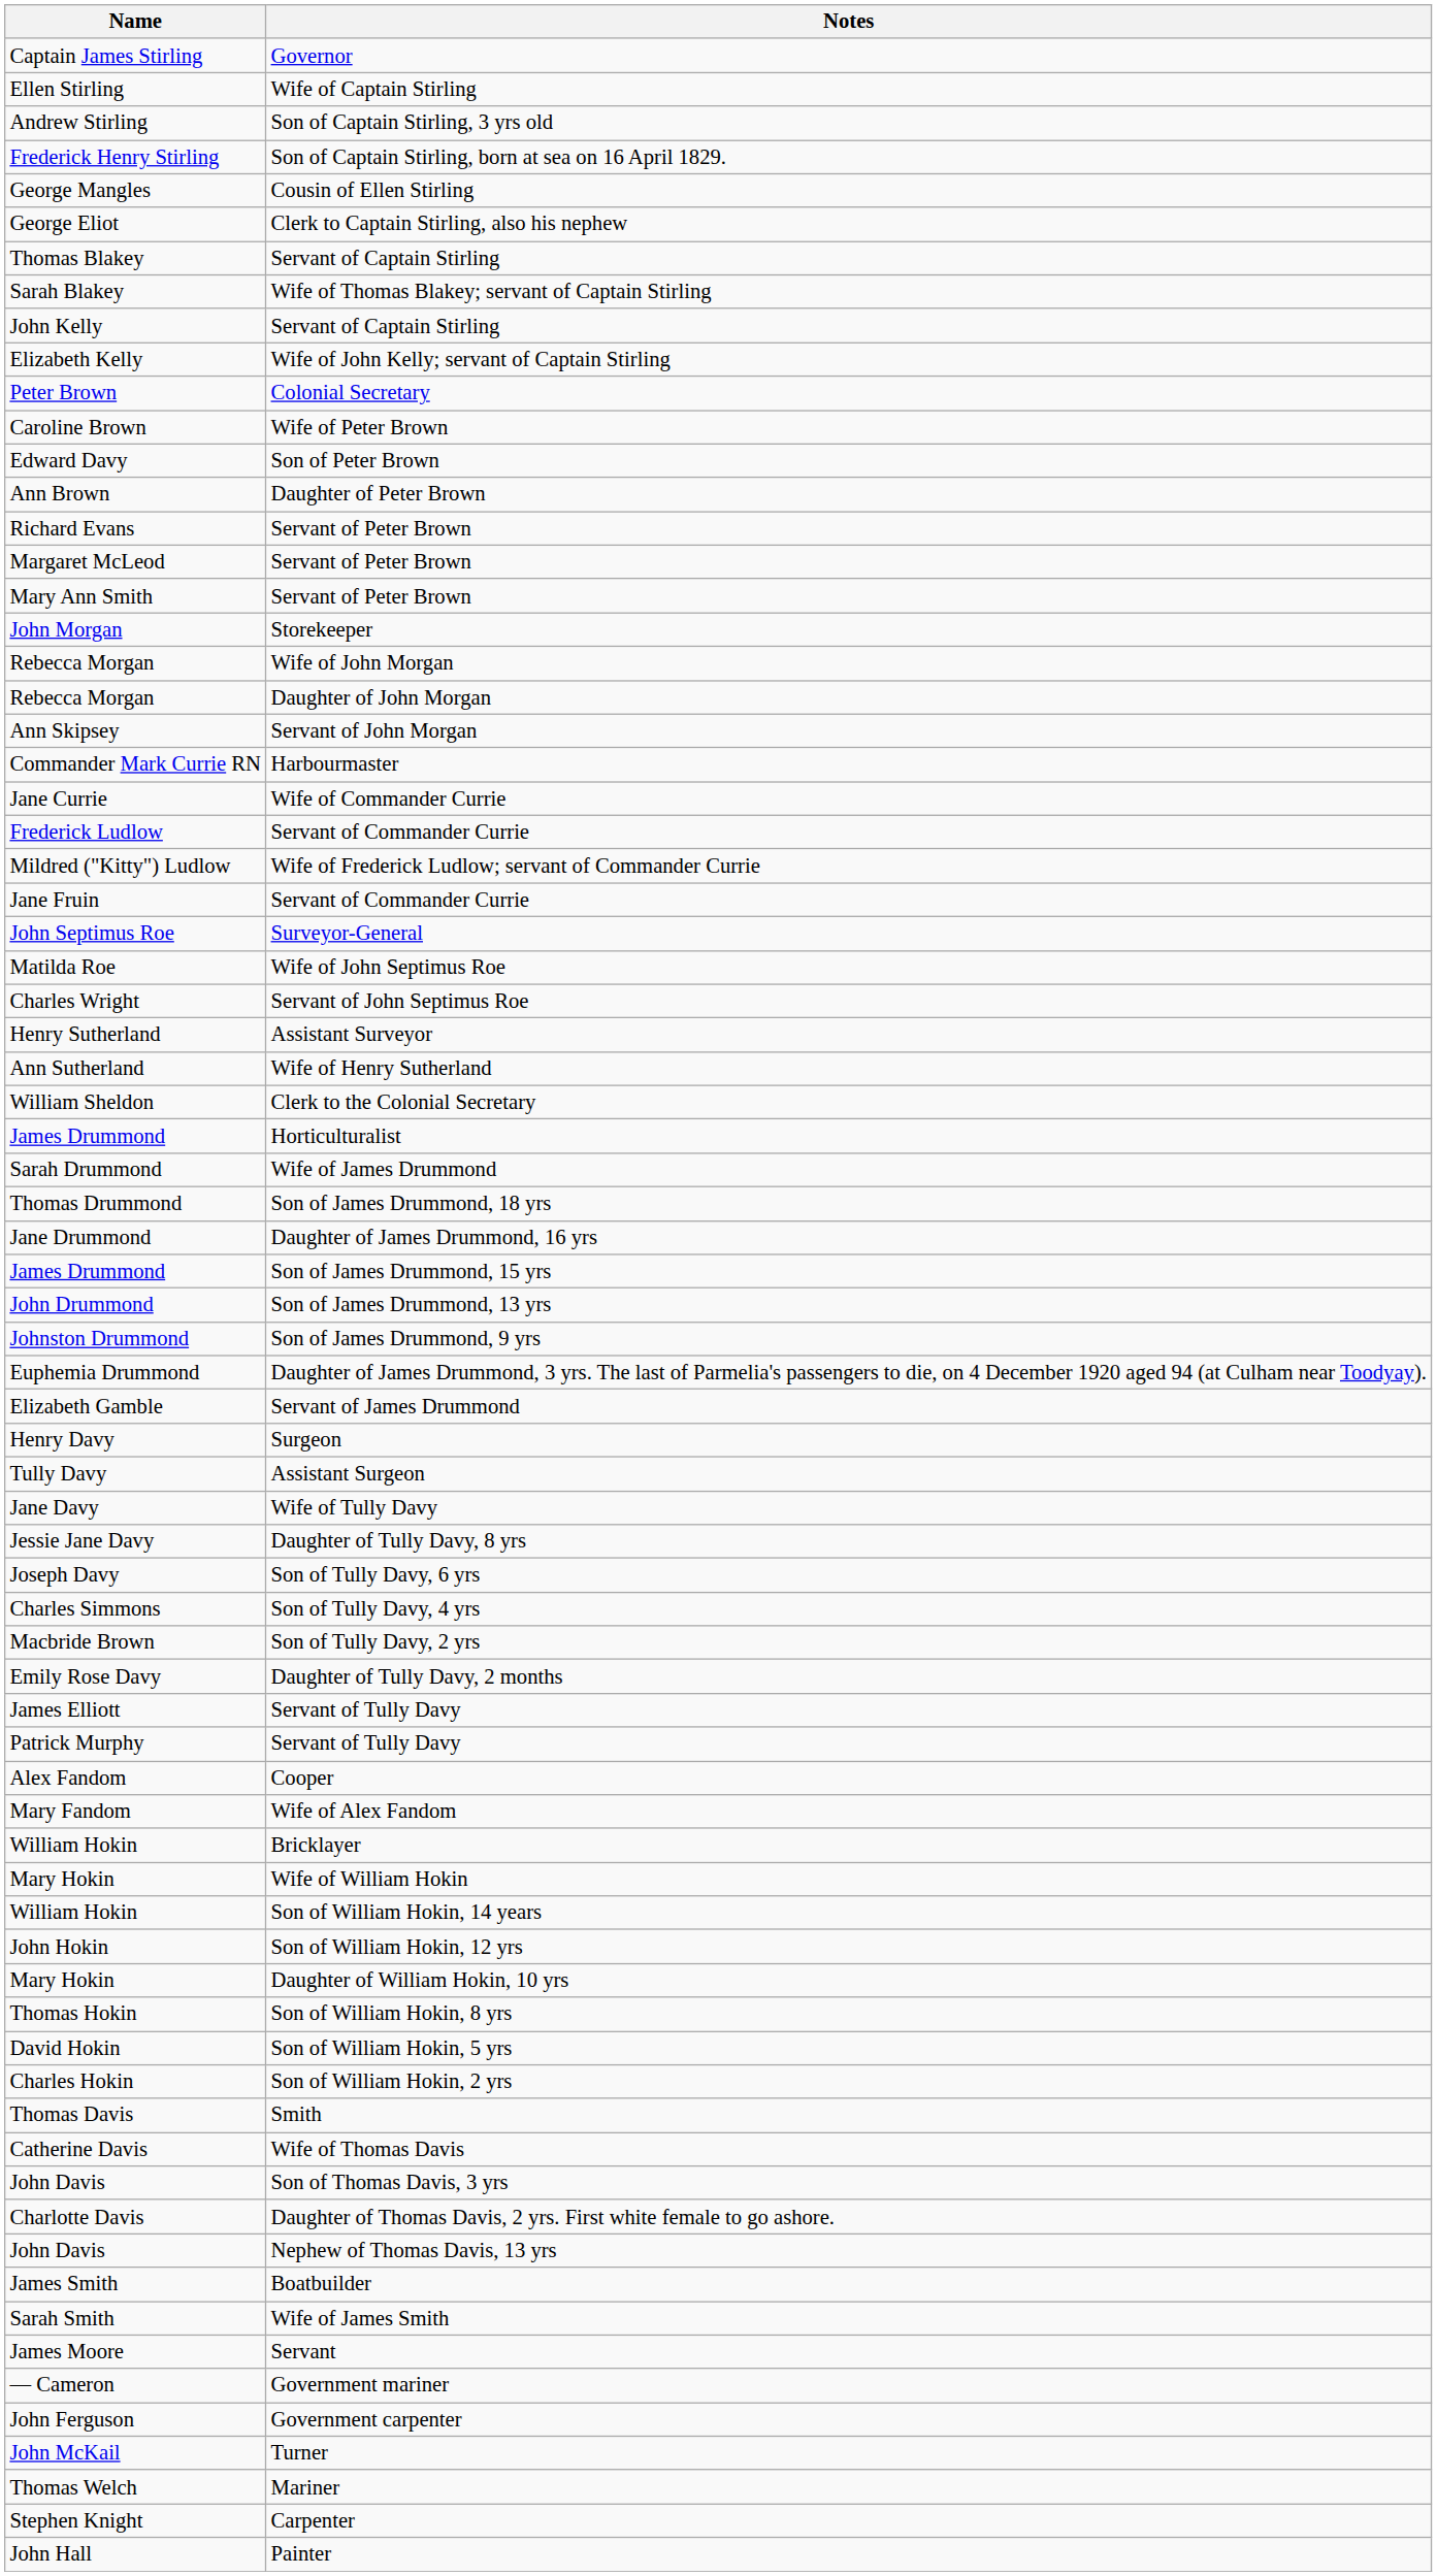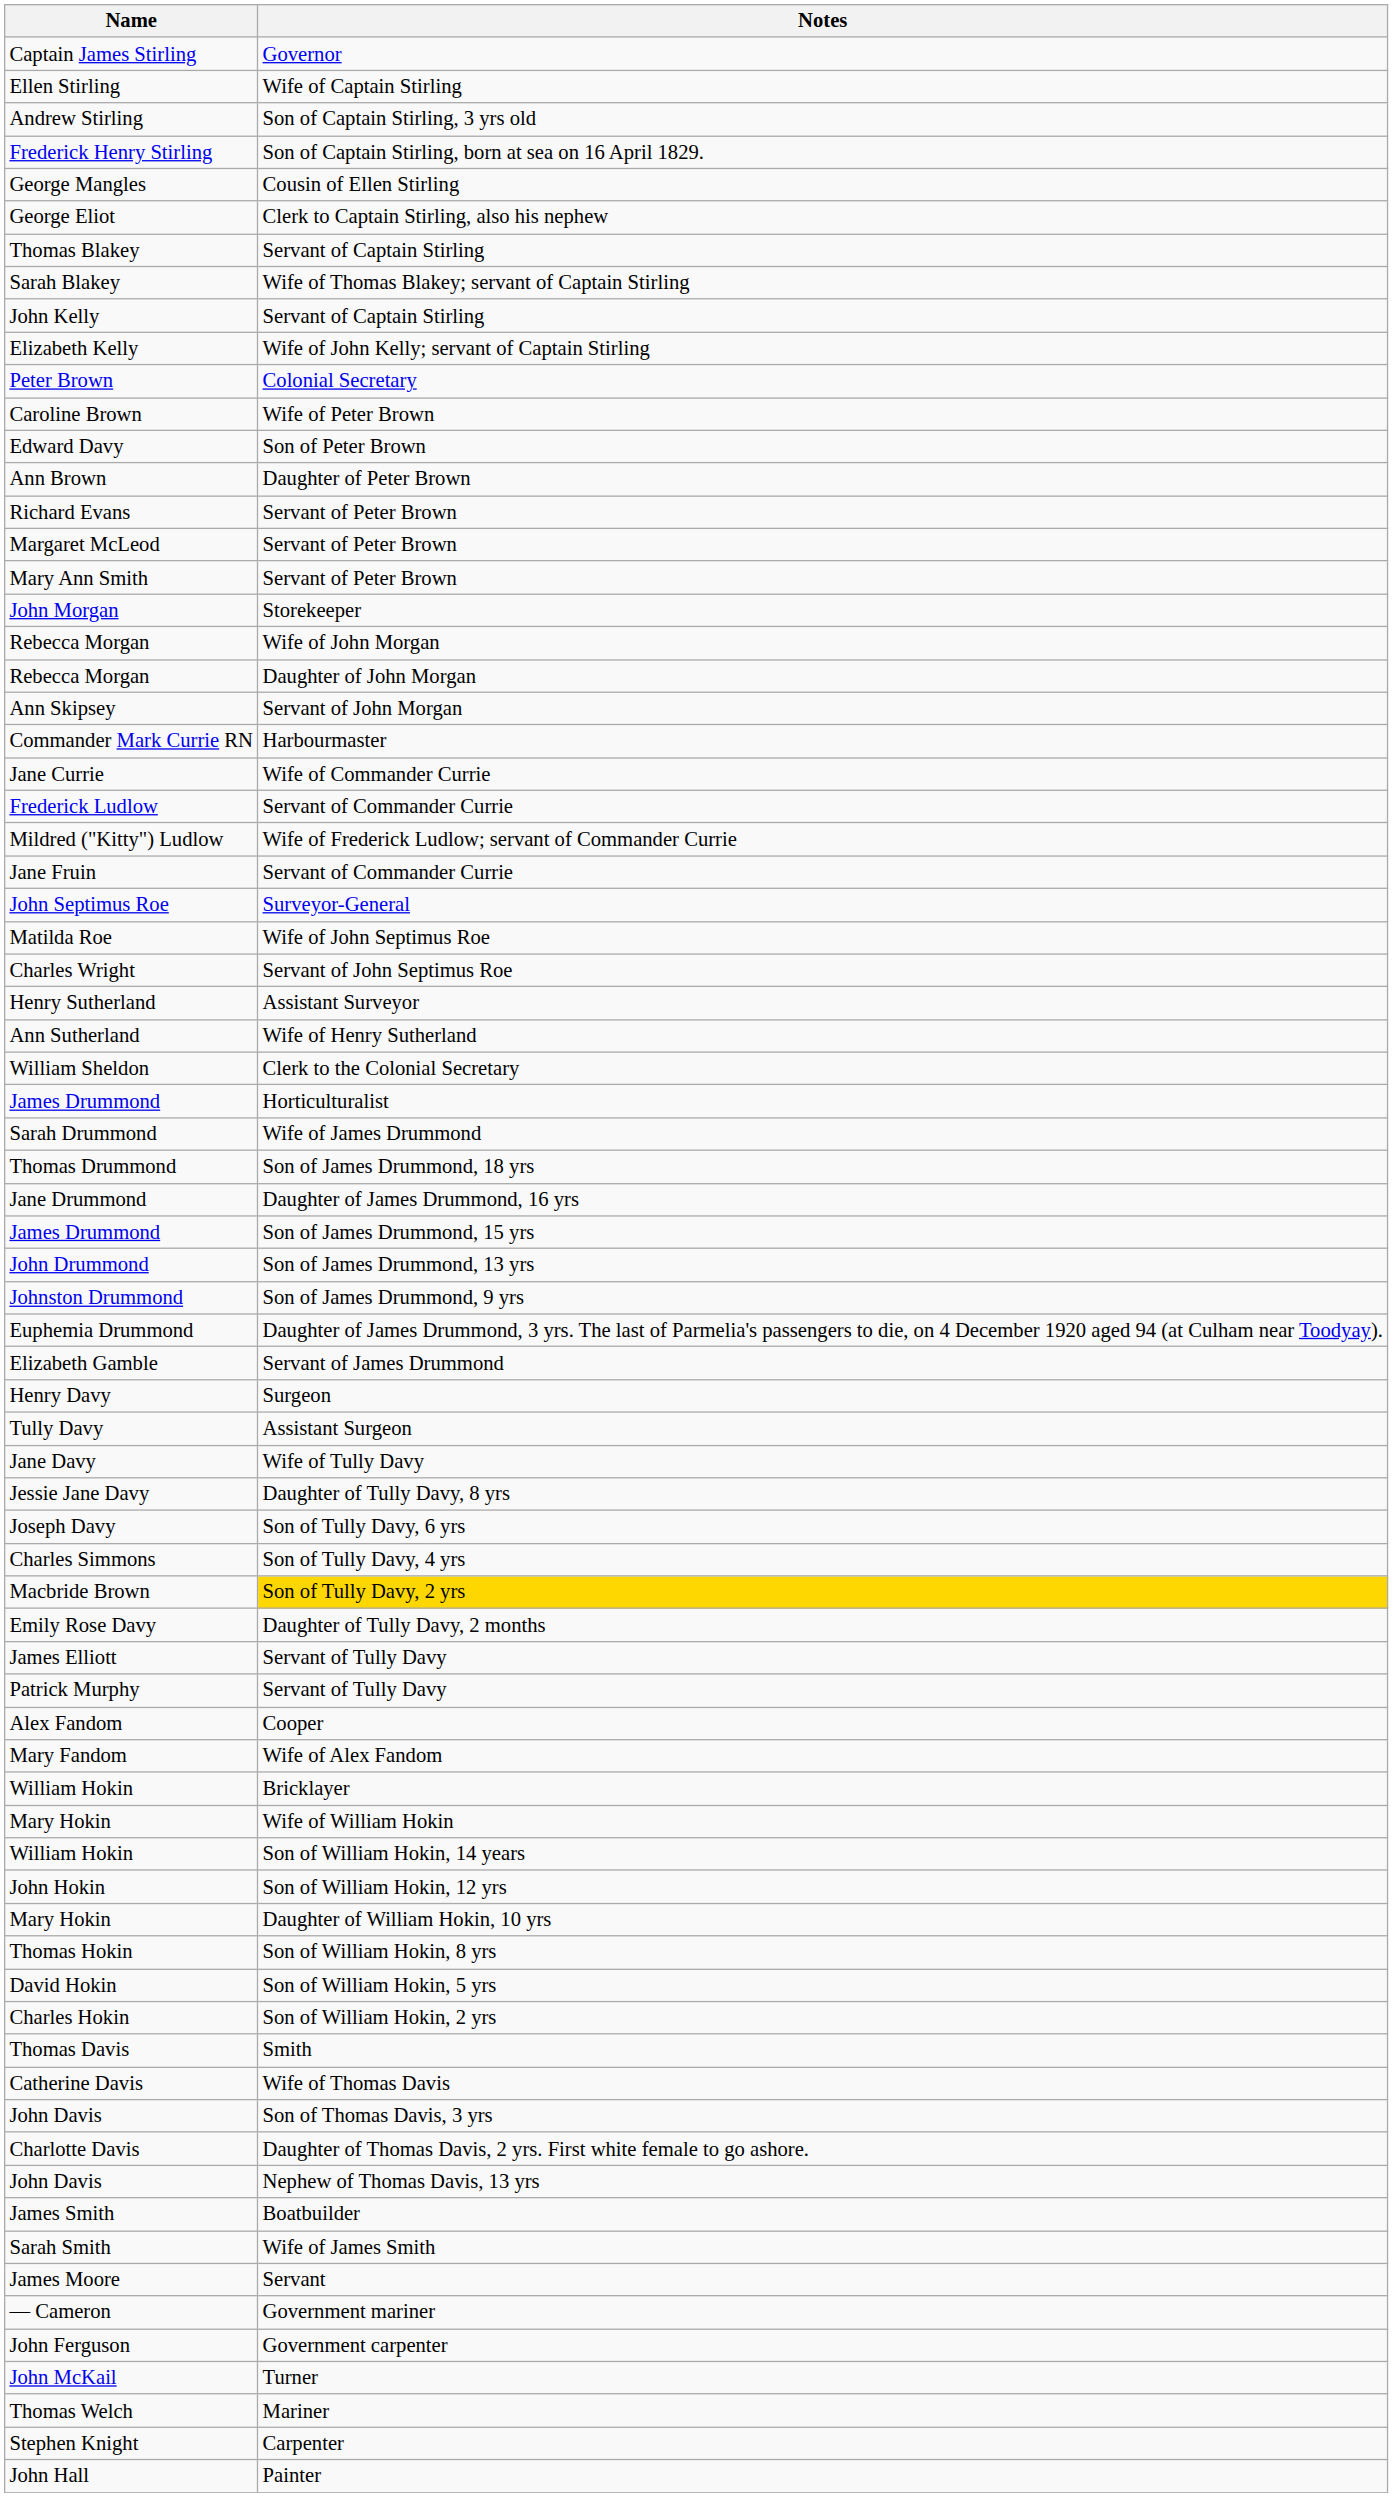 <table class="wikitable">
 <tr>
 <th>Name</th>
 <th>Notes</th>
 </tr>
 <tr>
 <td>Captain <a href='#'>James Stirling</a></td>
 <td><a href='#'>Governor</a></td>
 </tr>
 <tr>
 <td>Ellen Stirling</td>
 <td>Wife of Captain Stirling</td>
 </tr>
 <tr>
 <td>Andrew Stirling</td>
 <td>Son of Captain Stirling, 3 yrs old</td>
 </tr>
 <tr>
 <td><a href='#'>Frederick Henry Stirling</a></td>
 <td>Son of Captain Stirling, born at sea on 16 April 1829.</td>
 </tr>
 <tr>
 <td>George Mangles</td>
 <td>Cousin of Ellen Stirling</td>
 </tr>
 <tr>
 <td>George Eliot</td>
 <td>Clerk to Captain Stirling, also his nephew</td>
 </tr>
 <tr>
 <td>Thomas Blakey</td>
 <td>Servant of Captain Stirling</td>
 </tr>
 <tr>
 <td>Sarah Blakey</td>
 <td>Wife of Thomas Blakey; servant of Captain Stirling</td>
 </tr>
 <tr>
 <td>John Kelly</td>
 <td>Servant of Captain Stirling</td>
 </tr>
 <tr>
 <td>Elizabeth Kelly</td>
 <td>Wife of John Kelly; servant of Captain Stirling</td>
 </tr>
 <tr>
 <td><a href='#'>Peter Brown</a></td>
 <td><a href='#'>Colonial Secretary</a></td>
 </tr>
 <tr>
 <td>Caroline Brown</td>
 <td>Wife of Peter Brown</td>
 </tr>
 <tr>
 <td>Edward Davy</td>
 <td>Son of Peter Brown</td>
 </tr>
 <tr>
 <td>Ann Brown</td>
 <td>Daughter of Peter Brown</td>
 </tr>
 <tr>
 <td>Richard Evans</td>
 <td>Servant of Peter Brown</td>
 </tr>
 <tr>
 <td>Margaret McLeod</td>
 <td>Servant of Peter Brown</td>
 </tr>
 <tr>
 <td>Mary Ann Smith</td>
 <td>Servant of Peter Brown</td>
 </tr>
 <tr>
 <td><a href='#'>John Morgan</a></td>
 <td>Storekeeper</td>
 </tr>
 <tr>
 <td>Rebecca Morgan</td>
 <td>Wife of John Morgan</td>
 </tr>
 <tr>
 <td>Rebecca Morgan</td>
 <td>Daughter of John Morgan</td>
 </tr>
 <tr>
 <td>Ann Skipsey</td>
 <td>Servant of John Morgan</td>
 </tr>
 <tr>
 <td>Commander <a href='#'>Mark Currie</a> RN</td>
 <td>Harbourmaster</td>
 </tr>
 <tr>
 <td>Jane Currie</td>
 <td>Wife of Commander Currie</td>
 </tr>
 <tr>
 <td><a href='#'>Frederick Ludlow</a></td>
 <td>Servant of Commander Currie</td>
 </tr>
 <tr>
 <td>Mildred ("Kitty") Ludlow</td>
 <td>Wife of Frederick Ludlow; servant of Commander Currie</td>
 </tr>
 <tr>
 <td>Jane Fruin</td>
 <td>Servant of Commander Currie</td>
 </tr>
 <tr>
 <td><a href='#'>John Septimus Roe</a></td>
 <td><a href='#'>Surveyor-General</a></td>
 </tr>
 <tr>
 <td>Matilda Roe</td>
 <td>Wife of John Septimus Roe</td>
 </tr>
 <tr>
 <td>Charles Wright</td>
 <td>Servant of John Septimus Roe</td>
 </tr>
 <tr>
 <td>Henry Sutherland</td>
 <td>Assistant Surveyor</td>
 </tr>
 <tr>
 <td>Ann Sutherland</td>
 <td>Wife of Henry Sutherland</td>
 </tr>
 <tr>
 <td>William Sheldon</td>
 <td>Clerk to the Colonial Secretary</td>
 </tr>
 <tr>
 <td><a href='#'>James Drummond</a></td>
 <td>Horticulturalist</td>
 </tr>
 <tr>
 <td>Sarah Drummond</td>
 <td>Wife of James Drummond</td>
 </tr>
 <tr>
 <td>Thomas Drummond</td>
 <td>Son of James Drummond, 18 yrs</td>
 </tr>
 <tr>
 <td>Jane Drummond</td>
 <td>Daughter of James Drummond, 16 yrs</td>
 </tr>
 <tr>
 <td><a href='#'>James Drummond</a></td>
 <td>Son of James Drummond, 15 yrs</td>
 </tr>
 <tr>
 <td><a href='#'>John Drummond</a></td>
 <td>Son of James Drummond, 13 yrs</td>
 </tr>
 <tr>
 <td><a href='#'>Johnston Drummond</a></td>
 <td>Son of James Drummond, 9 yrs</td>
 </tr>
 <tr>
 <td>Euphemia Drummond</td>
 <td>Daughter of James Drummond, 3 yrs. The last of Parmelia's passengers to die, on 4 December 1920 aged 94 (at Culham near <a href='#'>Toodyay</a>).</td>
 </tr>
 <tr>
 <td>Elizabeth Gamble</td>
 <td>Servant of James Drummond</td>
 </tr>
 <tr>
 <td>Henry Davy</td>
 <td>Surgeon</td>
 </tr>
 <tr>
 <td>Tully Davy</td>
 <td>Assistant Surgeon</td>
 </tr>
 <tr>
 <td>Jane Davy</td>
 <td>Wife of Tully Davy</td>
 </tr>
 <tr>
 <td>Jessie Jane Davy</td>
 <td>Daughter of Tully Davy, 8 yrs</td>
 </tr>
 <tr>
 <td>Joseph Davy</td>
 <td>Son of Tully Davy, 6 yrs</td>
 </tr>
 <tr>
 <td>Charles Simmons</td>
 <td>Son of Tully Davy, 4 yrs</td>
 </tr>
 <tr>
 <td>Macbride Brown</td>
-<td>Son of Tully Davy, 2 yrs</td>
+<td style="background: gold;">Son of Tully Davy, 2 yrs</td>
 </tr>
 <tr>
 <td>Emily Rose Davy</td>
 <td>Daughter of Tully Davy, 2 months</td>
 </tr>
 <tr>
 <td>James Elliott</td>
 <td>Servant of Tully Davy</td>
 </tr>
 <tr>
 <td>Patrick Murphy</td>
 <td>Servant of Tully Davy</td>
 </tr>
 <tr>
 <td>Alex Fandom</td>
 <td>Cooper</td>
 </tr>
 <tr>
 <td>Mary Fandom</td>
 <td>Wife of Alex Fandom</td>
 </tr>
 <tr>
 <td>William Hokin</td>
 <td>Bricklayer</td>
 </tr>
 <tr>
 <td>Mary Hokin</td>
 <td>Wife of William Hokin</td>
 </tr>
 <tr>
 <td>William Hokin</td>
 <td>Son of William Hokin, 14 years</td>
 </tr>
 <tr>
 <td>John Hokin</td>
 <td>Son of William Hokin, 12 yrs</td>
 </tr>
 <tr>
 <td>Mary Hokin</td>
 <td>Daughter of William Hokin, 10 yrs</td>
 </tr>
 <tr>
 <td>Thomas Hokin</td>
 <td>Son of William Hokin, 8 yrs</td>
 </tr>
 <tr>
 <td>David Hokin</td>
 <td>Son of William Hokin, 5 yrs</td>
 </tr>
 <tr>
 <td>Charles Hokin</td>
 <td>Son of William Hokin, 2 yrs</td>
 </tr>
 <tr>
 <td>Thomas Davis</td>
 <td>Smith</td>
 </tr>
 <tr>
 <td>Catherine Davis</td>
 <td>Wife of Thomas Davis</td>
 </tr>
 <tr>
 <td>John Davis</td>
 <td>Son of Thomas Davis, 3 yrs</td>
 </tr>
 <tr>
 <td>Charlotte Davis</td>
 <td>Daughter of Thomas Davis, 2 yrs. First white female to go ashore.</td>
 </tr>
 <tr>
 <td>John Davis</td>
 <td>Nephew of Thomas Davis, 13 yrs</td>
 </tr>
 <tr>
 <td>James Smith</td>
 <td>Boatbuilder</td>
 </tr>
 <tr>
 <td>Sarah Smith</td>
 <td>Wife of James Smith</td>
 </tr>
 <tr>
 <td>James Moore</td>
 <td>Servant</td>
 </tr>
 <tr>
 <td>— Cameron</td>
 <td>Government mariner</td>
 </tr>
 <tr>
 <td>John Ferguson</td>
 <td>Government carpenter</td>
 </tr>
 <tr>
 <td><a href='#'>John McKail</a></td>
 <td>Turner</td>
 </tr>
 <tr>
 <td>Thomas Welch</td>
 <td>Mariner</td>
 </tr>
 <tr>
 <td>Stephen Knight</td>
 <td>Carpenter</td>
 </tr>
 <tr>
 <td>John Hall</td>
 <td>Painter</td>
 </tr>
 <tr>
 </tr>
 </table>
